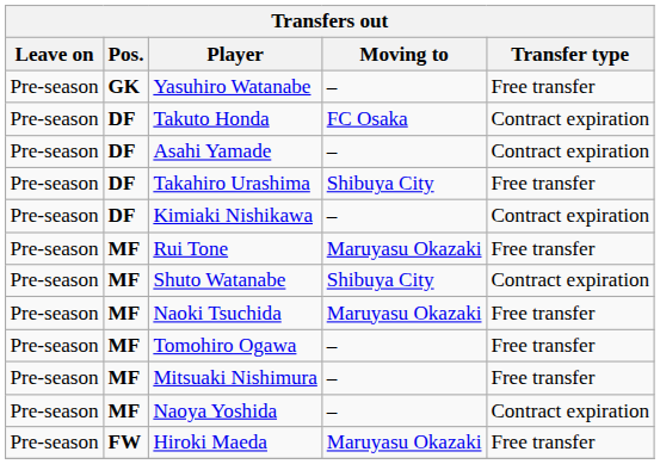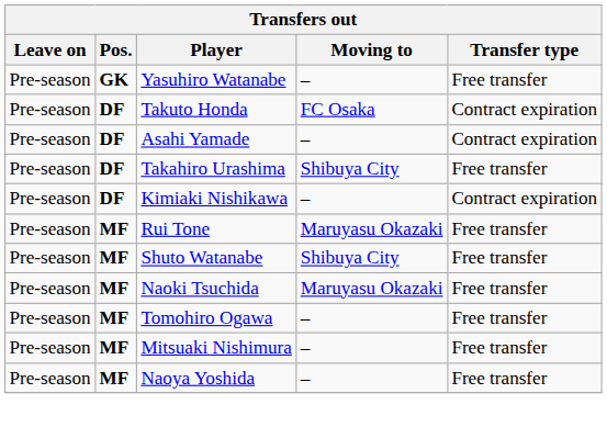 <table class="wikitable sortable" style=“text-align:left;>
 <tr>
 <th colspan="5">Transfers out</th>
 </tr>
 <tr>
 <th>Leave on</th>
 <th>Pos.</th>
 <th>Player</th>
 <th>Moving to</th>
 <th>Transfer type</th>
 </tr>
 <tr>
 <td>Pre-season</td>
 <td><strong>GK</strong></td>
 <td> <a href='#'>Yasuhiro Watanabe</a></td>
 <td>–</td>
 <td>Free transfer</td>
 </tr>
 <tr>
 <td>Pre-season</td>
 <td><strong>DF</strong></td>
 <td> <a href='#'>Takuto Honda</a></td>
 <td> <a href='#'>FC Osaka</a></td>
 <td>Contract expiration</td>
 </tr>
 <tr>
 <td>Pre-season</td>
 <td><strong>DF</strong></td>
 <td> <a href='#'>Asahi Yamade</a></td>
 <td>–</td>
 <td>Contract expiration</td>
 </tr>
 <tr>
 <td>Pre-season</td>
 <td><strong>DF</strong></td>
 <td> <a href='#'>Takahiro Urashima</a></td>
 <td> <a href='#'>Shibuya City</a></td>
 <td>Free transfer</td>
 </tr>
 <tr>
 <td>Pre-season</td>
 <td><strong>DF</strong></td>
 <td> <a href='#'>Kimiaki Nishikawa</a></td>
 <td>–</td>
 <td>Contract expiration</td>
 </tr>
 <tr>
 <td>Pre-season</td>
 <td><strong>MF</strong></td>
 <td> <a href='#'>Rui Tone</a></td>
 <td> <a href='#'>Maruyasu Okazaki</a></td>
 <td>Free transfer</td>
 </tr>
 <tr>
 <td>Pre-season</td>
 <td><strong>MF</strong></td>
 <td> <a href='#'>Shuto Watanabe</a></td>
 <td> <a href='#'>Shibuya City</a></td>
-<td>Contract expiration</td>
+<td>Free transfer</td>
 </tr>
 <tr>
 <td>Pre-season</td>
 <td><strong>MF</strong></td>
 <td> <a href='#'>Naoki Tsuchida</a></td>
 <td> <a href='#'>Maruyasu Okazaki</a></td>
 <td>Free transfer</td>
 </tr>
 <tr>
 <td>Pre-season</td>
 <td><strong>MF</strong></td>
 <td> <a href='#'>Tomohiro Ogawa</a></td>
 <td>–</td>
 <td>Free transfer</td>
 </tr>
 <tr>
 <td>Pre-season</td>
 <td><strong>MF</strong></td>
 <td> <a href='#'>Mitsuaki Nishimura</a></td>
 <td>–</td>
 <td>Free transfer</td>
 </tr>
 <tr>
 <td>Pre-season</td>
 <td><strong>MF</strong></td>
 <td> <a href='#'>Naoya Yoshida</a></td>
 <td>–</td>
-<td>Contract expiration</td>
-</tr>
-<tr>
-<td>Pre-season</td>
-<td><strong>FW</strong></td>
-<td> <a href='#'>Hiroki Maeda</a></td>
-<td> <a href='#'>Maruyasu Okazaki</a></td>
 <td>Free transfer</td>
 </tr>
 <tr>
 </tr>
 </table>
